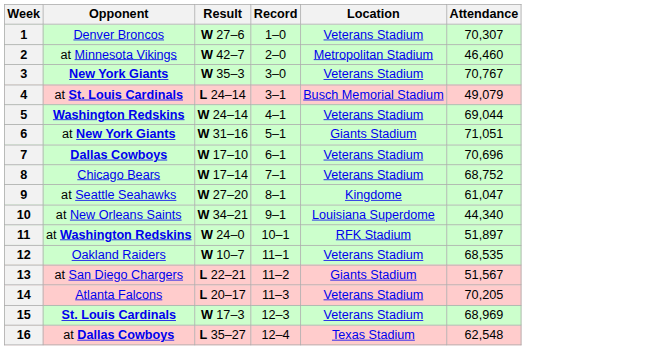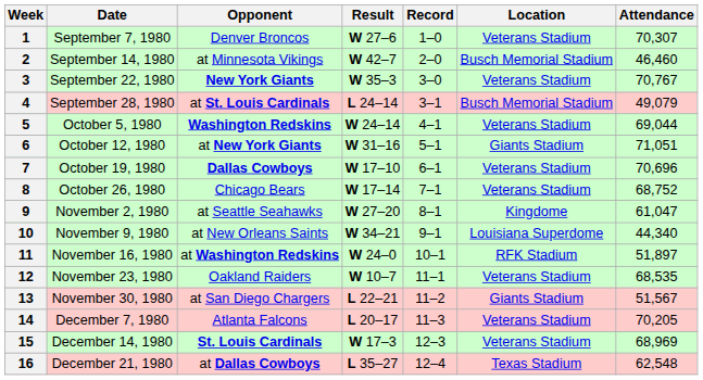 <table class="wikitable" style="text-align:center">
 <tr>
 <th>Week</th>
+<th>Date</th>
 <th>Opponent</th>
 <th>Result</th>
 <th>Record</th>
 <th>Location</th>
 <th>Attendance</th>
 </tr>
 <tr style="background:#cfc">
 <th>1</th>
+<td>September 7, 1980</td>
 <td><a href='#'>Denver Broncos</a></td>
 <td><strong>W</strong> 27–6</td>
 <td>1–0</td>
 <td><a href='#'>Veterans Stadium</a></td>
 <td>70,307</td>
 </tr>
 <tr style="background: #cfc">
 <th>2</th>
+<td>September 14, 1980</td>
 <td>at <a href='#'>Minnesota Vikings</a></td>
 <td><strong>W</strong> 42–7</td>
 <td>2–0</td>
-<td><a href='#'>Metropolitan Stadium</a></td>
+<td><a href='#'>Busch Memorial Stadium</a></td>
 <td>46,460</td>
 </tr>
 <tr style="background: #cfc">
 <th>3</th>
+<td>September 22, 1980</td>
 <td><strong><a href='#'>New York Giants</a></strong></td>
 <td><strong>W</strong> 35–3</td>
 <td>3–0</td>
 <td><a href='#'>Veterans Stadium</a></td>
 <td>70,767</td>
 </tr>
 <tr style="background: #fcc">
 <th>4</th>
+<td>September 28, 1980</td>
 <td>at <strong><a href='#'>St. Louis Cardinals</a></strong></td>
 <td><strong>L</strong> 24–14</td>
 <td>3–1</td>
 <td><a href='#'>Busch Memorial Stadium</a></td>
 <td>49,079</td>
 </tr>
 <tr style="background: #cfc">
 <th>5</th>
+<td>October 5, 1980</td>
 <td><strong><a href='#'>Washington Redskins</a></strong></td>
 <td><strong>W</strong> 24–14</td>
 <td>4–1</td>
 <td><a href='#'>Veterans Stadium</a></td>
 <td>69,044</td>
 </tr>
 <tr style="background: #cfc">
 <th>6</th>
+<td>October 12, 1980</td>
 <td>at <strong><a href='#'>New York Giants</a></strong></td>
 <td><strong>W</strong> 31–16</td>
 <td>5–1</td>
 <td><a href='#'>Giants Stadium</a></td>
 <td>71,051</td>
 </tr>
 <tr style="background: #cfc">
 <th>7</th>
+<td>October 19, 1980</td>
 <td><strong><a href='#'>Dallas Cowboys</a></strong></td>
 <td><strong>W</strong> 17–10</td>
 <td>6–1</td>
 <td><a href='#'>Veterans Stadium</a></td>
 <td>70,696</td>
 </tr>
 <tr style="background: #cfc">
 <th>8</th>
+<td>October 26, 1980</td>
 <td><a href='#'>Chicago Bears</a></td>
 <td><strong>W</strong> 17–14</td>
 <td>7–1</td>
 <td><a href='#'>Veterans Stadium</a></td>
 <td>68,752</td>
 </tr>
 <tr style="background: #cfc">
 <th>9</th>
+<td>November 2, 1980</td>
 <td>at <a href='#'>Seattle Seahawks</a></td>
 <td><strong>W</strong> 27–20</td>
 <td>8–1</td>
 <td><a href='#'>Kingdome</a></td>
 <td>61,047</td>
 </tr>
 <tr style="background: #cfc">
 <th>10</th>
+<td>November 9, 1980</td>
 <td>at <a href='#'>New Orleans Saints</a></td>
 <td><strong>W</strong> 34–21</td>
 <td>9–1</td>
 <td><a href='#'>Louisiana Superdome</a></td>
 <td>44,340</td>
 </tr>
 <tr style="background: #cfc">
 <th>11</th>
+<td>November 16, 1980</td>
 <td>at <strong><a href='#'>Washington Redskins</a></strong></td>
 <td><strong>W</strong> 24–0</td>
 <td>10–1</td>
 <td><a href='#'>RFK Stadium</a></td>
 <td>51,897</td>
 </tr>
 <tr style="background: #cfc">
 <th>12</th>
+<td>November 23, 1980</td>
 <td><a href='#'>Oakland Raiders</a></td>
 <td><strong>W</strong> 10–7</td>
 <td>11–1</td>
 <td><a href='#'>Veterans Stadium</a></td>
 <td>68,535</td>
 </tr>
 <tr style="background: #fcc">
 <th>13</th>
+<td>November 30, 1980</td>
 <td>at <a href='#'>San Diego Chargers</a></td>
 <td><strong>L</strong> 22–21</td>
 <td>11–2</td>
 <td><a href='#'>Giants Stadium</a></td>
 <td>51,567</td>
 </tr>
 <tr style="background: #fcc">
 <th>14</th>
+<td>December 7, 1980</td>
 <td><a href='#'>Atlanta Falcons</a></td>
 <td><strong>L</strong> 20–17</td>
 <td>11–3</td>
 <td><a href='#'>Veterans Stadium</a></td>
 <td>70,205</td>
 </tr>
 <tr style="background: #cfc">
 <th>15</th>
+<td>December 14, 1980</td>
 <td><strong><a href='#'>St. Louis Cardinals</a></strong></td>
 <td><strong>W</strong> 17–3</td>
 <td>12–3</td>
 <td><a href='#'>Veterans Stadium</a></td>
 <td>68,969</td>
 </tr>
 <tr style="background: #fcc">
 <th>16</th>
+<td>December 21, 1980</td>
 <td>at <strong><a href='#'>Dallas Cowboys</a></strong></td>
 <td><strong>L</strong> 35–27</td>
 <td>12–4</td>
 <td><a href='#'>Texas Stadium</a></td>
 <td>62,548</td>
 </tr>
 </table>
